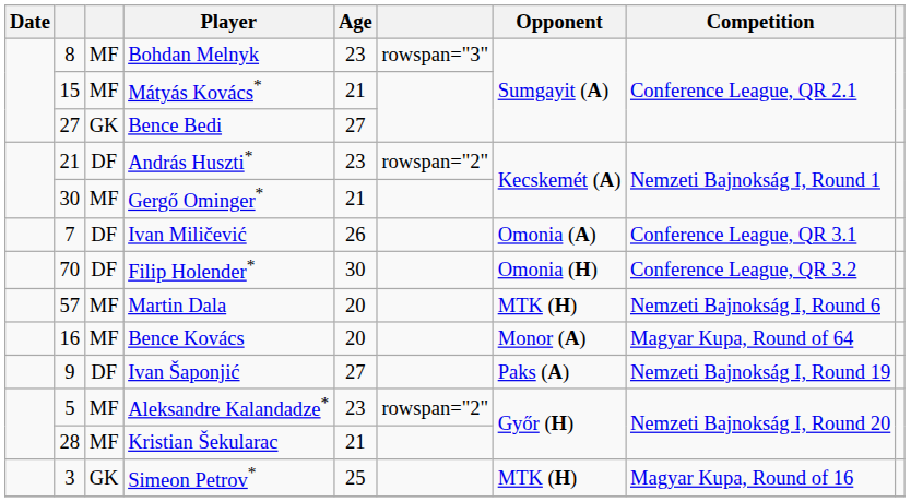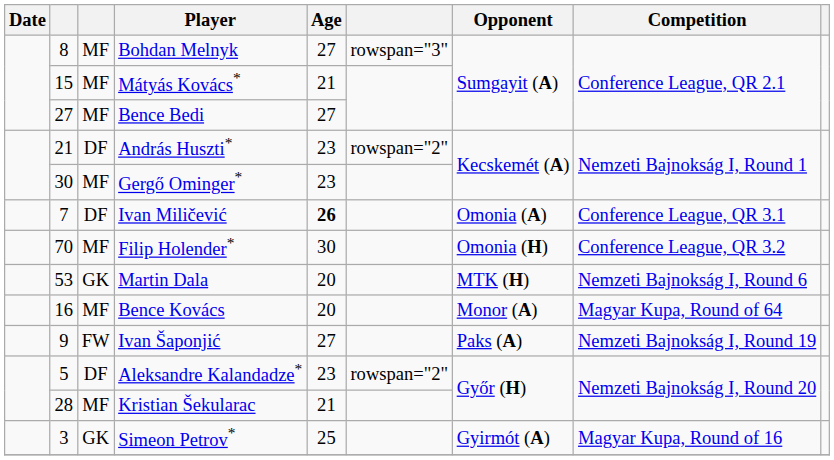 <table class="wikitable sortable" style="text-align:center; font-size:95%;">
 <tr>
 <th>Date</th>
 <th></th>
 <th></th>
 <th>Player</th>
 <th>Age</th>
 <th></th>
 <th>Opponent</th>
 <th>Competition</th>
 <th class="unsortable"></th>
 </tr>
 <tr>
 <td rowspan="3" data-sort-value="1"></td>
 <td>8</td>
 <td>MF</td>
 <td style="text-align:left;"> <a href='#'>Bohdan Melnyk</a></td>
-<td>23</td>
+<td>27</td>
 <td>rowspan="3" </td>
 <td rowspan="3" style="text-align:left;"><a href='#'>Sumgayit</a> (<strong>A</strong>)</td>
 <td rowspan="3" style="text-align:left;"><a href='#'>Conference League, QR 2.1</a></td>
 <td rowspan="3"></td>
 </tr>
 <tr>
 <td>15</td>
 <td>MF</td>
 <td style="text-align:left;"> <a href='#'>Mátyás Kovács</a><sup>*</sup></td>
 <td>21</td>
 </tr>
 <tr>
 <td>27</td>
-<td>GK</td>
+<td>MF</td>
 <td style="text-align:left;"> <a href='#'>Bence Bedi</a></td>
 <td>27</td>
 </tr>
 <tr>
 <td rowspan="2" data-sort-value="2"></td>
 <td>21</td>
 <td>DF</td>
 <td style="text-align:left;"> <a href='#'>András Huszti</a><sup>*</sup></td>
 <td>23</td>
 <td>rowspan="2" </td>
 <td rowspan="2" style="text-align:left;"><a href='#'>Kecskemét</a> (<strong>A</strong>)</td>
 <td rowspan="2" style="text-align:left;"><a href='#'>Nemzeti Bajnokság I, Round 1</a></td>
 <td rowspan="2"></td>
 </tr>
 <tr>
 <td>30</td>
 <td>MF</td>
 <td style="text-align:left;"> <a href='#'>Gergő Ominger</a><sup>*</sup></td>
-<td>21</td>
+<td>23</td>
 </tr>
 <tr>
 <td data-sort-value="3"></td>
 <td>7</td>
 <td>DF</td>
 <td style="text-align:left;"> <a href='#'>Ivan Miličević</a></td>
-<td>26</td>
+<td><strong>26</strong></td>
 <td></td>
 <td style="text-align:left;"><a href='#'>Omonia</a> (<strong>A</strong>)</td>
 <td style="text-align:left;"><a href='#'>Conference League, QR 3.1</a></td>
 <td></td>
 </tr>
 <tr>
 <td data-sort-value="4"></td>
 <td>70</td>
-<td>DF</td>
+<td>MF</td>
 <td style="text-align:left;"> <a href='#'>Filip Holender</a><sup>*</sup></td>
 <td>30</td>
 <td></td>
 <td style="text-align:left;"><a href='#'>Omonia</a> (<strong>H</strong>)</td>
 <td style="text-align:left;"><a href='#'>Conference League, QR 3.2</a></td>
 <td></td>
 </tr>
 <tr>
 <td data-sort-value="5"></td>
-<td>57</td>
-<td>MF</td>
+<td>53</td>
+<td>GK</td>
 <td style="text-align:left;"> <a href='#'>Martin Dala</a></td>
 <td>20</td>
 <td></td>
 <td style="text-align:left;"><a href='#'>MTK</a> (<strong>H</strong>)</td>
 <td style="text-align:left;"><a href='#'>Nemzeti Bajnokság I, Round 6</a></td>
 <td></td>
 </tr>
 <tr>
 <td data-sort-value="6"></td>
 <td>16</td>
 <td>MF</td>
 <td style="text-align:left;"> <a href='#'>Bence Kovács</a></td>
 <td>20</td>
 <td></td>
 <td style="text-align:left;"><a href='#'>Monor</a> (<strong>A</strong>)</td>
 <td style="text-align:left;"><a href='#'>Magyar Kupa, Round of 64</a></td>
 <td></td>
 </tr>
 <tr>
 <td data-sort-value="7"></td>
 <td>9</td>
-<td>DF</td>
+<td>FW</td>
 <td style="text-align:left;"> <a href='#'>Ivan Šaponjić</a></td>
 <td>27</td>
 <td></td>
 <td style="text-align:left;"><a href='#'>Paks</a> (<strong>A</strong>)</td>
 <td style="text-align:left;"><a href='#'>Nemzeti Bajnokság I, Round 19</a></td>
 <td></td>
 </tr>
 <tr>
 <td rowspan="2" data-sort-value="8"></td>
 <td>5</td>
-<td>MF</td>
+<td>DF</td>
 <td style="text-align:left;"> <a href='#'>Aleksandre Kalandadze</a><sup>*</sup></td>
 <td>23</td>
 <td>rowspan="2" </td>
 <td rowspan="2" style="text-align:left;"><a href='#'>Győr</a> (<strong>H</strong>)</td>
 <td rowspan="2" style="text-align:left;"><a href='#'>Nemzeti Bajnokság I, Round 20</a></td>
 <td rowspan="2"></td>
 </tr>
 <tr>
 <td>28</td>
 <td>MF</td>
 <td style="text-align:left;"> <a href='#'>Kristian Šekularac</a></td>
 <td>21</td>
 </tr>
 <tr>
 <td data-sort-value="9"></td>
 <td>3</td>
 <td>GK</td>
 <td style="text-align:left;"> <a href='#'>Simeon Petrov</a><sup>*</sup></td>
 <td>25</td>
 <td></td>
-<td style="text-align:left;"><a href='#'>MTK</a> (<strong>H</strong>)</td>
+<td style="text-align:left;"><a href='#'>Gyirmót</a> (<strong>A</strong>)</td>
 <td style="text-align:left;"><a href='#'>Magyar Kupa, Round of 16</a></td>
 <td></td>
 </tr>
 <tr>
 </tr>
 </table>
